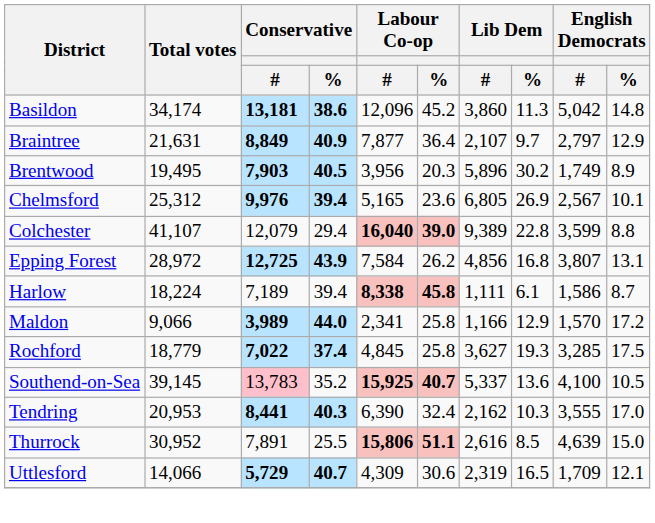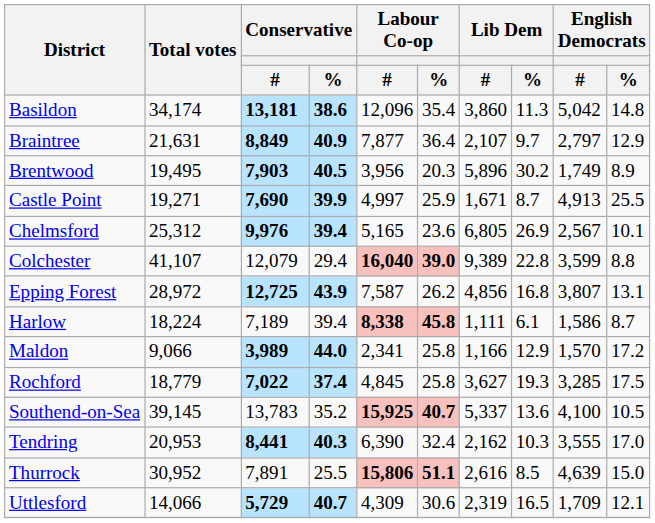 <table class="wikitable sortable">
 <tr>
 <th rowspan=3>District</th>
 <th rowspan=3>Total votes</th>
 <th colspan="2">Conservative</th>
 <th colspan="2">Labour<br>Co-op</th>
 <th colspan="2">Lib Dem</th>
 <th colspan="2">English<br>Democrats</th>
 </tr>
 <tr>
 <th colspan="2" style="background:"></th>
 <th colspan="2" style="background:"></th>
 <th colspan="2" style="background:"></th>
 <th colspan="2" style="background:"></th>
 </tr>
 <tr>
 <th>#</th>
 <th>%</th>
 <th>#</th>
 <th>%</th>
 <th>#</th>
 <th>%</th>
 <th>#</th>
 <th>%</th>
 </tr>
 <tr>
 <td><a href='#'>Basildon</a></td>
 <td>34,174</td>
 <td style="background:#B9E4FF;"><strong>13,181</strong></td>
 <td style="background:#B9E4FF;"><strong>38.6</strong></td>
 <td>12,096</td>
-<td>45.2</td>
+<td>35.4</td>
 <td>3,860</td>
 <td>11.3</td>
 <td>5,042</td>
 <td>14.8</td>
 </tr>
 <tr>
 <td><a href='#'>Braintree</a></td>
 <td>21,631</td>
 <td style="background:#B9E4FF;"><strong>8,849</strong></td>
 <td style="background:#B9E4FF;"><strong>40.9</strong></td>
 <td>7,877</td>
 <td>36.4</td>
 <td>2,107</td>
 <td>9.7</td>
 <td>2,797</td>
 <td>12.9</td>
 </tr>
 <tr>
 <td><a href='#'>Brentwood</a></td>
 <td>19,495</td>
 <td style="background:#B9E4FF;"><strong>7,903</strong></td>
 <td style="background:#B9E4FF;"><strong>40.5</strong></td>
 <td>3,956</td>
 <td>20.3</td>
 <td>5,896</td>
 <td>30.2</td>
 <td>1,749</td>
 <td>8.9</td>
 </tr>
 <tr>
+<td><a href='#'>Castle Point</a></td>
+<td>19,271</td>
+<td style="background:#B9E4FF;"><strong>7,690</strong></td>
+<td style="background:#B9E4FF;"><strong>39.9</strong></td>
+<td>4,997</td>
+<td>25.9</td>
+<td>1,671</td>
+<td>8.7</td>
+<td>4,913</td>
+<td>25.5</td>
+</tr>
+<tr>
 <td><a href='#'>Chelmsford</a></td>
 <td>25,312</td>
 <td style="background:#B9E4FF;"><strong>9,976</strong></td>
 <td style="background:#B9E4FF;"><strong>39.4</strong></td>
 <td>5,165</td>
 <td>23.6</td>
 <td>6,805</td>
 <td>26.9</td>
 <td>2,567</td>
 <td>10.1</td>
 </tr>
 <tr>
 <td><a href='#'>Colchester</a></td>
 <td>41,107</td>
 <td>12,079</td>
 <td>29.4</td>
 <td style="background:#F8C1BE;"><strong>16,040</strong></td>
 <td style="background:#F8C1BE;"><strong>39.0</strong></td>
 <td>9,389</td>
 <td>22.8</td>
 <td>3,599</td>
 <td>8.8</td>
 </tr>
 <tr>
 <td><a href='#'>Epping Forest</a></td>
 <td>28,972</td>
 <td style="background:#B9E4FF;"><strong>12,725</strong></td>
 <td style="background:#B9E4FF;"><strong>43.9</strong></td>
-<td>7,584</td>
+<td>7,587</td>
 <td>26.2</td>
 <td>4,856</td>
 <td>16.8</td>
 <td>3,807</td>
 <td>13.1</td>
 </tr>
 <tr>
 <td><a href='#'>Harlow</a></td>
 <td>18,224</td>
 <td>7,189</td>
 <td>39.4</td>
 <td style="background:#F8C1BE;"><strong>8,338</strong></td>
 <td style="background:#F8C1BE;"><strong>45.8</strong></td>
 <td>1,111</td>
 <td>6.1</td>
 <td>1,586</td>
 <td>8.7</td>
 </tr>
 <tr>
 <td><a href='#'>Maldon</a></td>
 <td>9,066</td>
 <td style="background:#B9E4FF;"><strong>3,989</strong></td>
 <td style="background:#B9E4FF;"><strong>44.0</strong></td>
 <td>2,341</td>
 <td>25.8</td>
 <td>1,166</td>
 <td>12.9</td>
 <td>1,570</td>
 <td>17.2</td>
 </tr>
 <tr>
 <td><a href='#'>Rochford</a></td>
 <td>18,779</td>
 <td style="background:#B9E4FF;"><strong>7,022</strong></td>
 <td style="background:#B9E4FF;"><strong>37.4</strong></td>
 <td>4,845</td>
 <td>25.8</td>
 <td>3,627</td>
 <td>19.3</td>
 <td>3,285</td>
 <td>17.5</td>
 </tr>
 <tr>
 <td><a href='#'>Southend-on-Sea</a></td>
 <td>39,145</td>
-<td style="background: pink;">13,783</td>
+<td>13,783</td>
 <td>35.2</td>
 <td style="background:#F8C1BE;"><strong>15,925</strong></td>
 <td style="background:#F8C1BE;"><strong>40.7</strong></td>
 <td>5,337</td>
 <td>13.6</td>
 <td>4,100</td>
 <td>10.5</td>
 </tr>
 <tr>
 <td><a href='#'>Tendring</a></td>
 <td>20,953</td>
 <td style="background:#B9E4FF;"><strong>8,441</strong></td>
 <td style="background:#B9E4FF;"><strong>40.3</strong></td>
 <td>6,390</td>
 <td>32.4</td>
 <td>2,162</td>
 <td>10.3</td>
 <td>3,555</td>
 <td>17.0</td>
 </tr>
 <tr>
 <td><a href='#'>Thurrock</a></td>
 <td>30,952</td>
 <td>7,891</td>
 <td>25.5</td>
 <td style="background:#F8C1BE;"><strong>15,806</strong></td>
 <td style="background:#F8C1BE;"><strong>51.1</strong></td>
 <td>2,616</td>
 <td>8.5</td>
 <td>4,639</td>
 <td>15.0</td>
 </tr>
 <tr>
 <td><a href='#'>Uttlesford</a></td>
 <td>14,066</td>
 <td style="background:#B9E4FF;"><strong>5,729</strong></td>
 <td style="background:#B9E4FF;"><strong>40.7</strong></td>
 <td>4,309</td>
 <td>30.6</td>
 <td>2,319</td>
 <td>16.5</td>
 <td>1,709</td>
 <td>12.1</td>
 </tr>
 <tr>
 </tr>
 </table>
